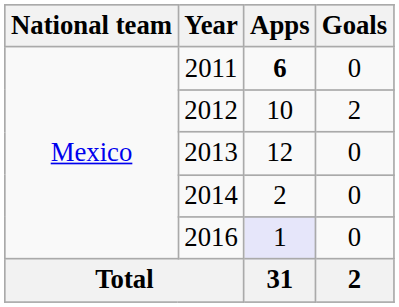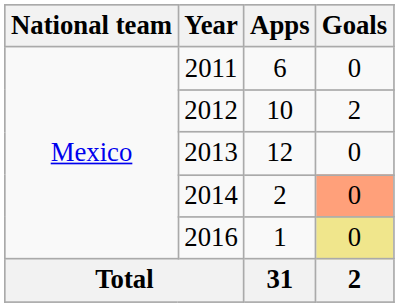 <table class="wikitable" style="text-align: center;">
 <tr>
 <th>National team</th>
 <th>Year</th>
 <th>Apps</th>
 <th>Goals</th>
 </tr>
 <tr>
 <td rowspan="5" valign="center"><a href='#'>Mexico</a></td>
 <td>2011</td>
-<td><strong>6</strong></td>
+<td>6</td>
 <td>0</td>
 </tr>
 <tr>
 <td>2012</td>
 <td>10</td>
 <td>2</td>
 </tr>
 <tr>
 <td>2013</td>
 <td>12</td>
 <td>0</td>
 </tr>
 <tr>
 <td>2014</td>
 <td>2</td>
-<td>0</td>
+<td style="background: lightsalmon;">0</td>
 </tr>
 <tr>
 <td>2016</td>
-<td style="background: lavender;">1</td>
-<td>0</td>
+<td>1</td>
+<td style="background: khaki;">0</td>
 </tr>
 <tr>
 <th colspan="2">Total</th>
 <th>31</th>
 <th>2</th>
 </tr>
 </table>
